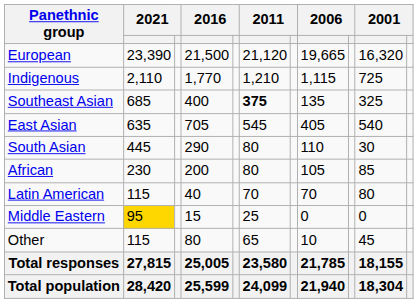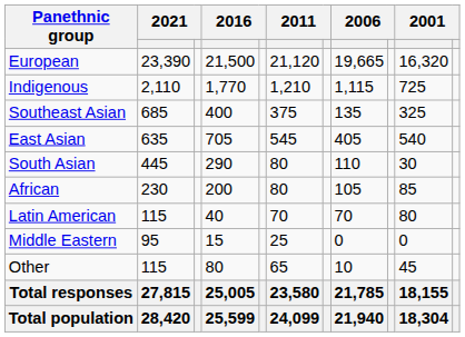 <table class="wikitable collapsible sortable">
 <tr>
 <th rowspan="2"><a href='#'>Panethnic</a><br>group</th>
 <th colspan="2">2021</th>
 <th colspan="2">2016</th>
 <th colspan="2">2011</th>
 <th colspan="2">2006</th>
 <th colspan="2">2001</th>
 </tr>
 <tr>
 <th><a href='#'></a></th>
 <th></th>
 <th></th>
 <th></th>
 <th></th>
 <th></th>
 <th></th>
 <th></th>
 <th></th>
 <th></th>
 </tr>
 <tr>
 <td><a href='#'>European</a></td>
 <td>23,390</td>
 <td></td>
 <td>21,500</td>
 <td></td>
 <td>21,120</td>
 <td></td>
 <td>19,665</td>
 <td></td>
 <td>16,320</td>
 <td></td>
 </tr>
 <tr>
 <td><a href='#'>Indigenous</a></td>
 <td>2,110</td>
 <td></td>
 <td>1,770</td>
 <td></td>
 <td>1,210</td>
 <td></td>
 <td>1,115</td>
 <td></td>
 <td>725</td>
 <td></td>
 </tr>
 <tr>
 <td><a href='#'>Southeast Asian</a></td>
 <td>685</td>
 <td></td>
 <td>400</td>
 <td></td>
-<td><strong>375</strong></td>
+<td>375</td>
 <td></td>
 <td>135</td>
 <td></td>
 <td>325</td>
 <td></td>
 </tr>
 <tr>
 <td><a href='#'>East Asian</a></td>
 <td>635</td>
 <td></td>
 <td>705</td>
 <td></td>
 <td>545</td>
 <td></td>
 <td>405</td>
 <td></td>
 <td>540</td>
 <td></td>
 </tr>
 <tr>
 <td><a href='#'>South Asian</a></td>
 <td>445</td>
 <td></td>
 <td>290</td>
 <td></td>
 <td>80</td>
 <td></td>
 <td>110</td>
 <td></td>
 <td>30</td>
 <td></td>
 </tr>
 <tr>
 <td><a href='#'>African</a></td>
 <td>230</td>
 <td></td>
 <td>200</td>
 <td></td>
 <td>80</td>
 <td></td>
 <td>105</td>
 <td></td>
 <td>85</td>
 <td></td>
 </tr>
 <tr>
 <td><a href='#'>Latin American</a></td>
 <td>115</td>
 <td></td>
 <td>40</td>
 <td></td>
 <td>70</td>
 <td></td>
 <td>70</td>
 <td></td>
 <td>80</td>
 <td></td>
 </tr>
 <tr>
 <td><a href='#'>Middle Eastern</a></td>
-<td style="background: gold;">95</td>
+<td>95</td>
 <td></td>
 <td>15</td>
 <td></td>
 <td>25</td>
 <td></td>
 <td>0</td>
 <td></td>
 <td>0</td>
 <td></td>
 </tr>
 <tr>
 <td>Other</td>
 <td>115</td>
 <td></td>
 <td>80</td>
 <td></td>
 <td>65</td>
 <td></td>
 <td>10</td>
 <td></td>
 <td>45</td>
 <td></td>
 </tr>
 <tr>
 <th>Total responses</th>
 <th>27,815</th>
 <th></th>
 <th>25,005</th>
 <th></th>
 <th>23,580</th>
 <th></th>
 <th>21,785</th>
 <th></th>
 <th>18,155</th>
 <th></th>
 </tr>
 <tr>
 <th>Total population</th>
 <th>28,420</th>
 <th></th>
 <th>25,599</th>
 <th></th>
 <th>24,099</th>
 <th></th>
 <th>21,940</th>
 <th></th>
 <th>18,304</th>
 <th></th>
 </tr>
 </table>
